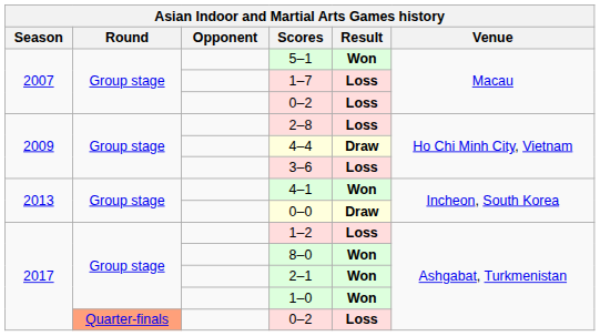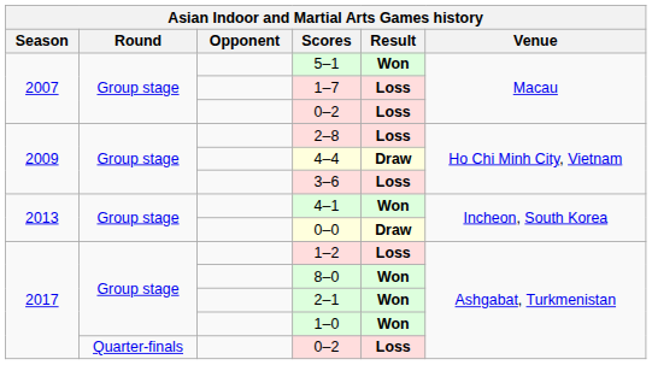 <table class="wikitable collapsible collapsed" style="text-align:center; font-size:90%; width:70%;">
 <tr>
 <th colspan="6">Asian Indoor and Martial Arts Games history</th>
 </tr>
 <tr>
 <th>Season</th>
 <th>Round</th>
 <th>Opponent</th>
 <th>Scores</th>
 <th>Result</th>
 <th>Venue</th>
 </tr>
 <tr>
 <td rowspan=3><a href='#'>2007</a></td>
 <td rowspan=3><a href='#'>Group stage</a></td>
 <td style="text-align:left"></td>
 <td style="background:#dfd;">5–1</td>
 <td style="background:#dfd;"><strong>Won</strong></td>
 <td rowspan=3> <a href='#'>Macau</a></td>
 </tr>
 <tr>
 <td style="text-align:left"></td>
 <td style="background:#fdd;">1–7</td>
 <td style="background:#fdd;"><strong>Loss</strong></td>
 </tr>
 <tr>
 <td style="text-align:left"></td>
 <td style="background:#fdd;">0–2</td>
 <td style="background:#fdd;"><strong>Loss</strong></td>
 </tr>
 <tr>
 <td rowspan=3><a href='#'>2009</a></td>
 <td rowspan=3><a href='#'>Group stage</a></td>
 <td style="text-align:left"></td>
 <td style="background:#fdd;">2–8</td>
 <td style="background:#fdd;"><strong>Loss</strong></td>
 <td rowspan=3> <a href='#'>Ho Chi Minh City</a>, <a href='#'>Vietnam</a></td>
 </tr>
 <tr>
 <td style="text-align:left"></td>
 <td style="background:#ffd;">4–4</td>
 <td style="background:#ffd;"><strong>Draw</strong></td>
 </tr>
 <tr>
 <td style="text-align:left"></td>
 <td style="background:#fdd;">3–6</td>
 <td style="background:#fdd;"><strong>Loss</strong></td>
 </tr>
 <tr>
 <td rowspan=2><a href='#'>2013</a></td>
 <td rowspan=2><a href='#'>Group stage</a></td>
 <td style="text-align:left"></td>
 <td style="background:#dfd;">4–1</td>
 <td style="background:#dfd;"><strong>Won</strong></td>
 <td rowspan=2> <a href='#'>Incheon</a>, <a href='#'>South Korea</a></td>
 </tr>
 <tr>
 <td style="text-align:left"></td>
 <td style="background:#ffd;">0–0</td>
 <td style="background:#ffd;"><strong>Draw</strong></td>
 </tr>
 <tr>
 <td rowspan=5><a href='#'>2017</a></td>
 <td rowspan=4><a href='#'>Group stage</a></td>
 <td style="text-align:left"></td>
 <td style="background:#fdd;">1–2</td>
 <td style="background:#fdd;"><strong>Loss</strong></td>
 <td rowspan=5> <a href='#'>Ashgabat</a>, <a href='#'>Turkmenistan</a></td>
 </tr>
 <tr>
 <td style="text-align:left"></td>
 <td style="background:#dfd;">8–0</td>
 <td style="background:#dfd;"><strong>Won</strong></td>
 </tr>
 <tr>
 <td style="text-align:left"></td>
 <td style="background:#dfd;">2–1</td>
 <td style="background:#dfd;"><strong>Won</strong></td>
 </tr>
 <tr>
 <td style="text-align:left"></td>
 <td style="background:#dfd;">1–0</td>
 <td style="background:#dfd;"><strong>Won</strong></td>
 </tr>
 <tr>
-<td style="background: lightsalmon;"><a href='#'>Quarter-finals</a></td>
+<td><a href='#'>Quarter-finals</a></td>
 <td style="text-align:left"></td>
 <td style="background:#fdd;">0–2</td>
 <td style="background:#fdd;"><strong>Loss</strong></td>
 </tr>
 </table>
